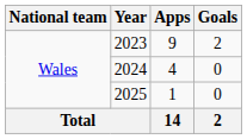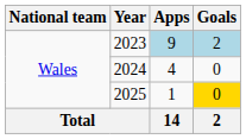 <table class="wikitable" style="text-align:center">
 <tr>
 <th>National team</th>
 <th>Year</th>
 <th>Apps</th>
 <th>Goals</th>
 </tr>
 <tr>
 <td rowspan="3"><a href='#'>Wales</a></td>
 <td>2023</td>
-<td>9</td>
-<td>2</td>
+<td style="background: lightblue;">9</td>
+<td style="background: lightblue;">2</td>
 </tr>
 <tr>
 <td>2024</td>
 <td>4</td>
 <td>0</td>
 </tr>
 <tr>
 <td>2025</td>
 <td>1</td>
-<td>0</td>
+<td style="background: gold;">0</td>
 </tr>
 <tr>
 <th colspan="2">Total</th>
 <th>14</th>
 <th>2</th>
 </tr>
 </table>
